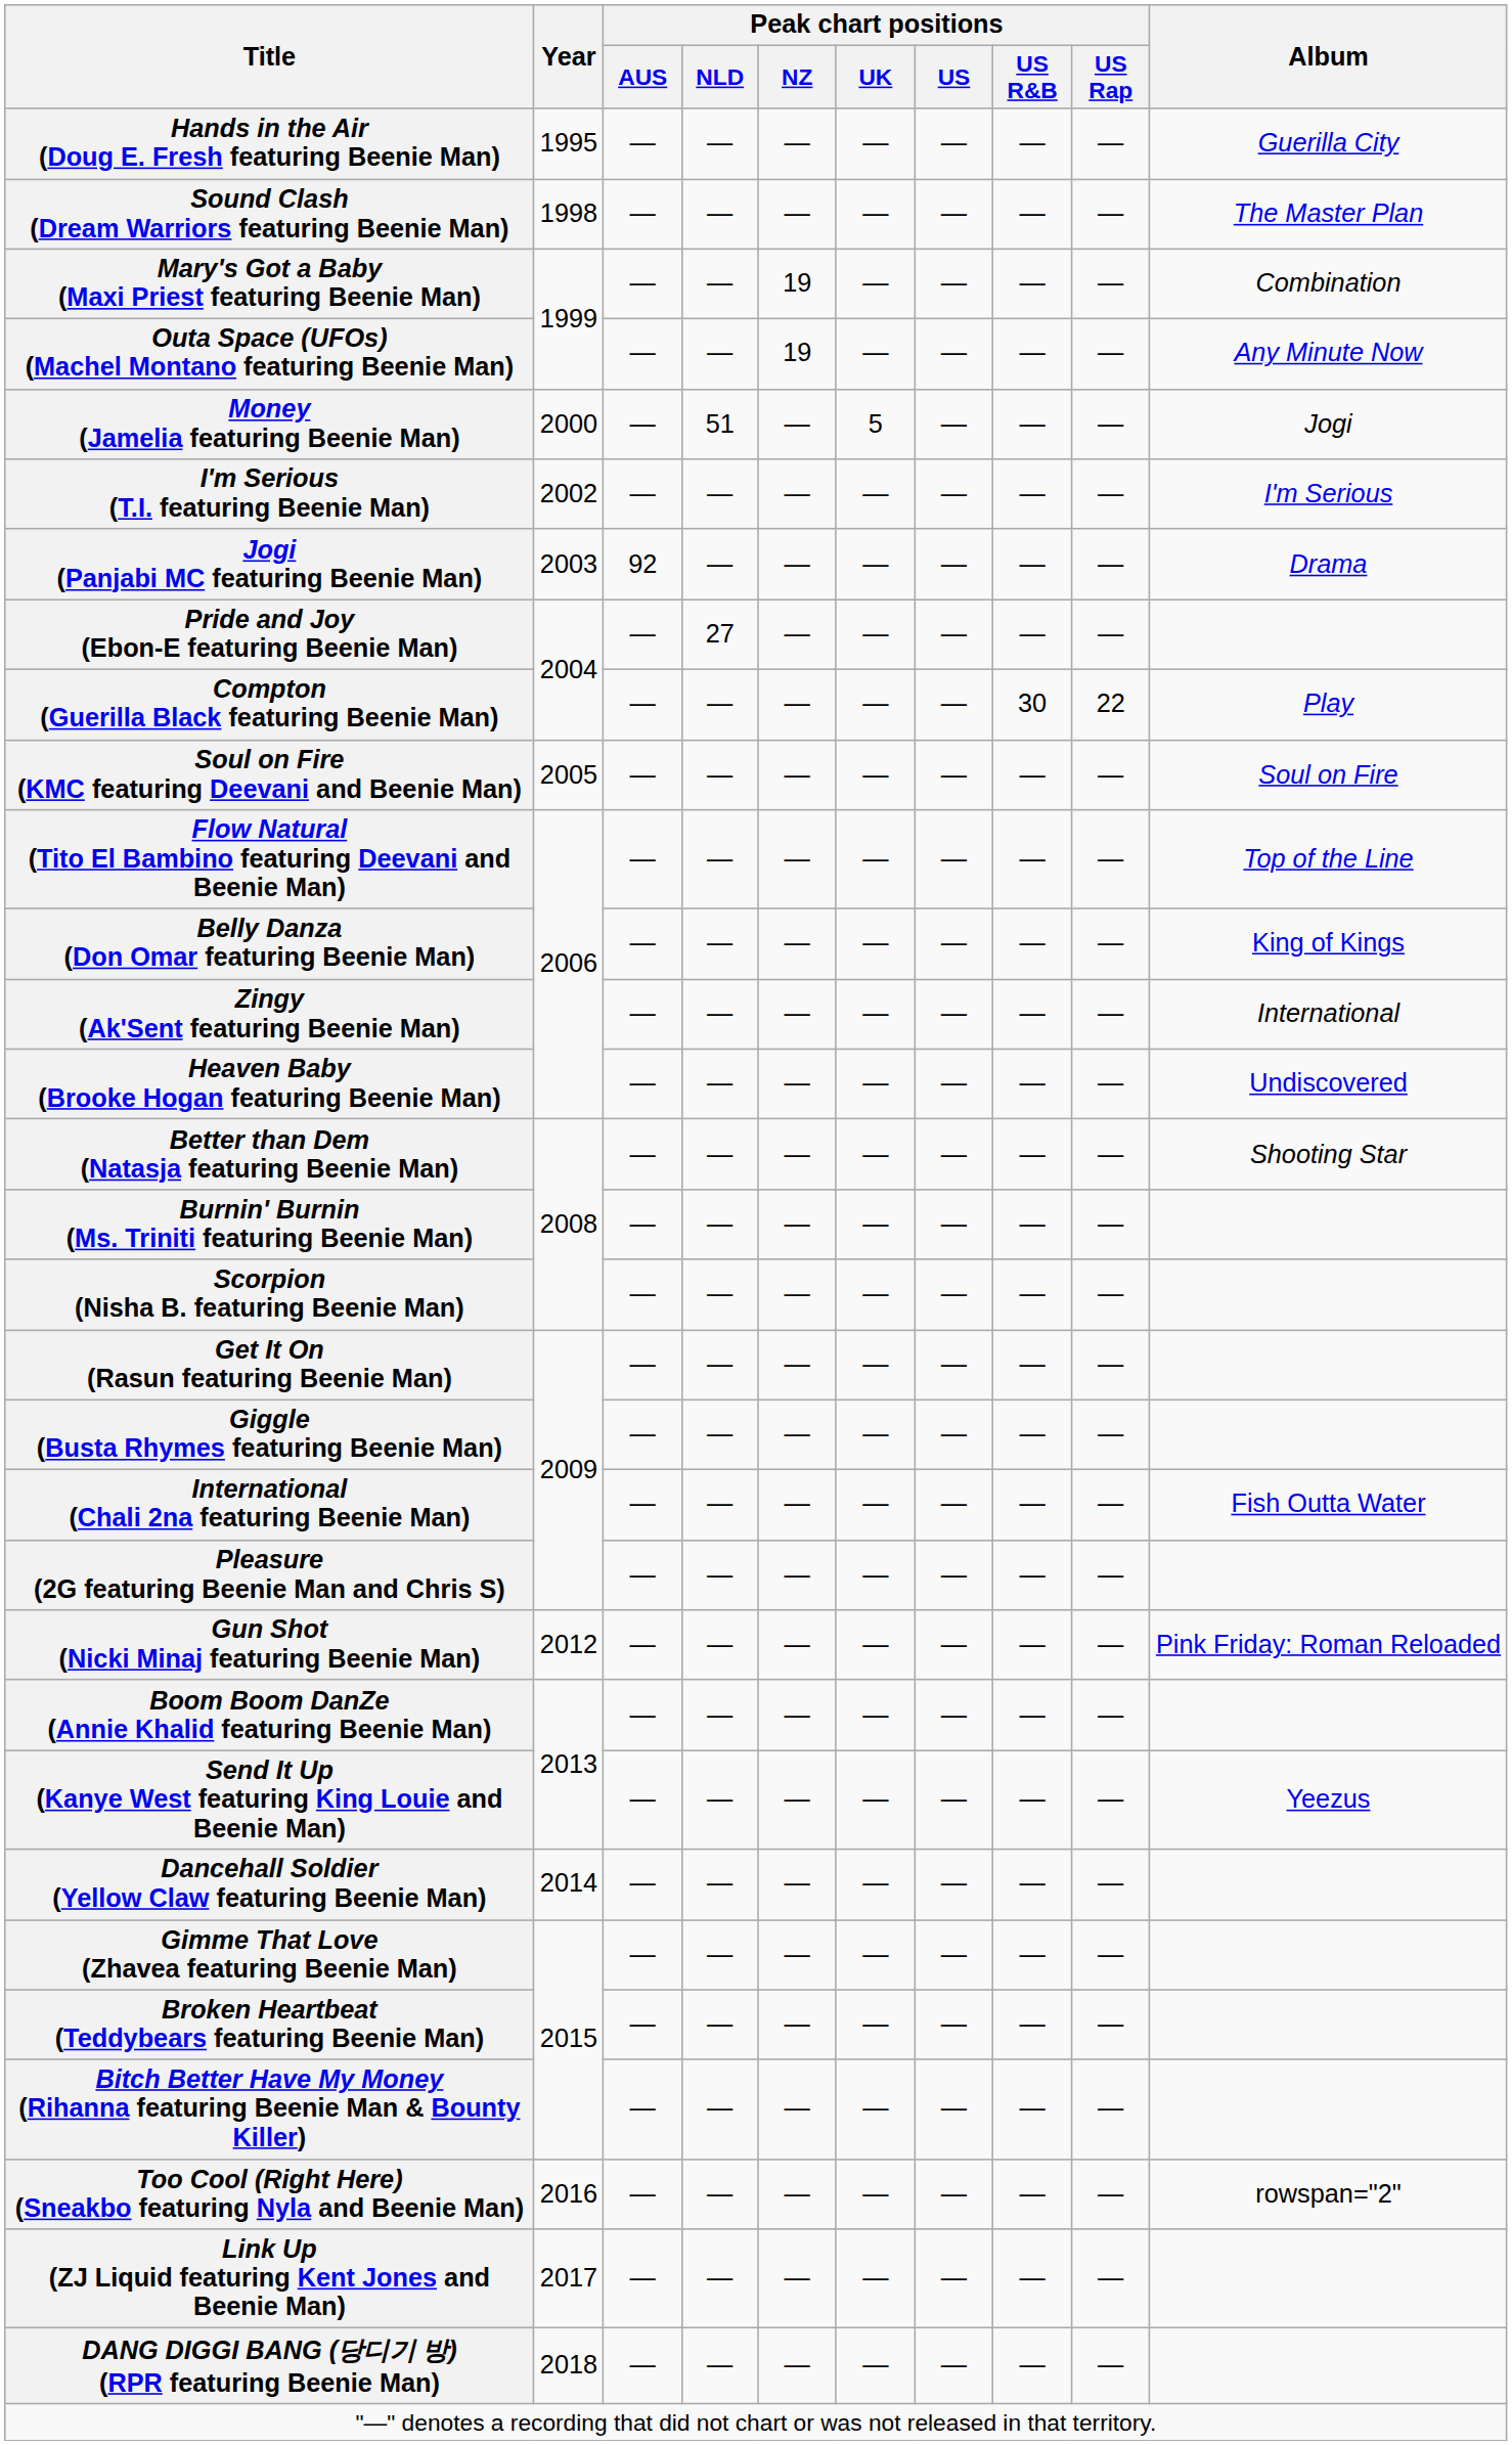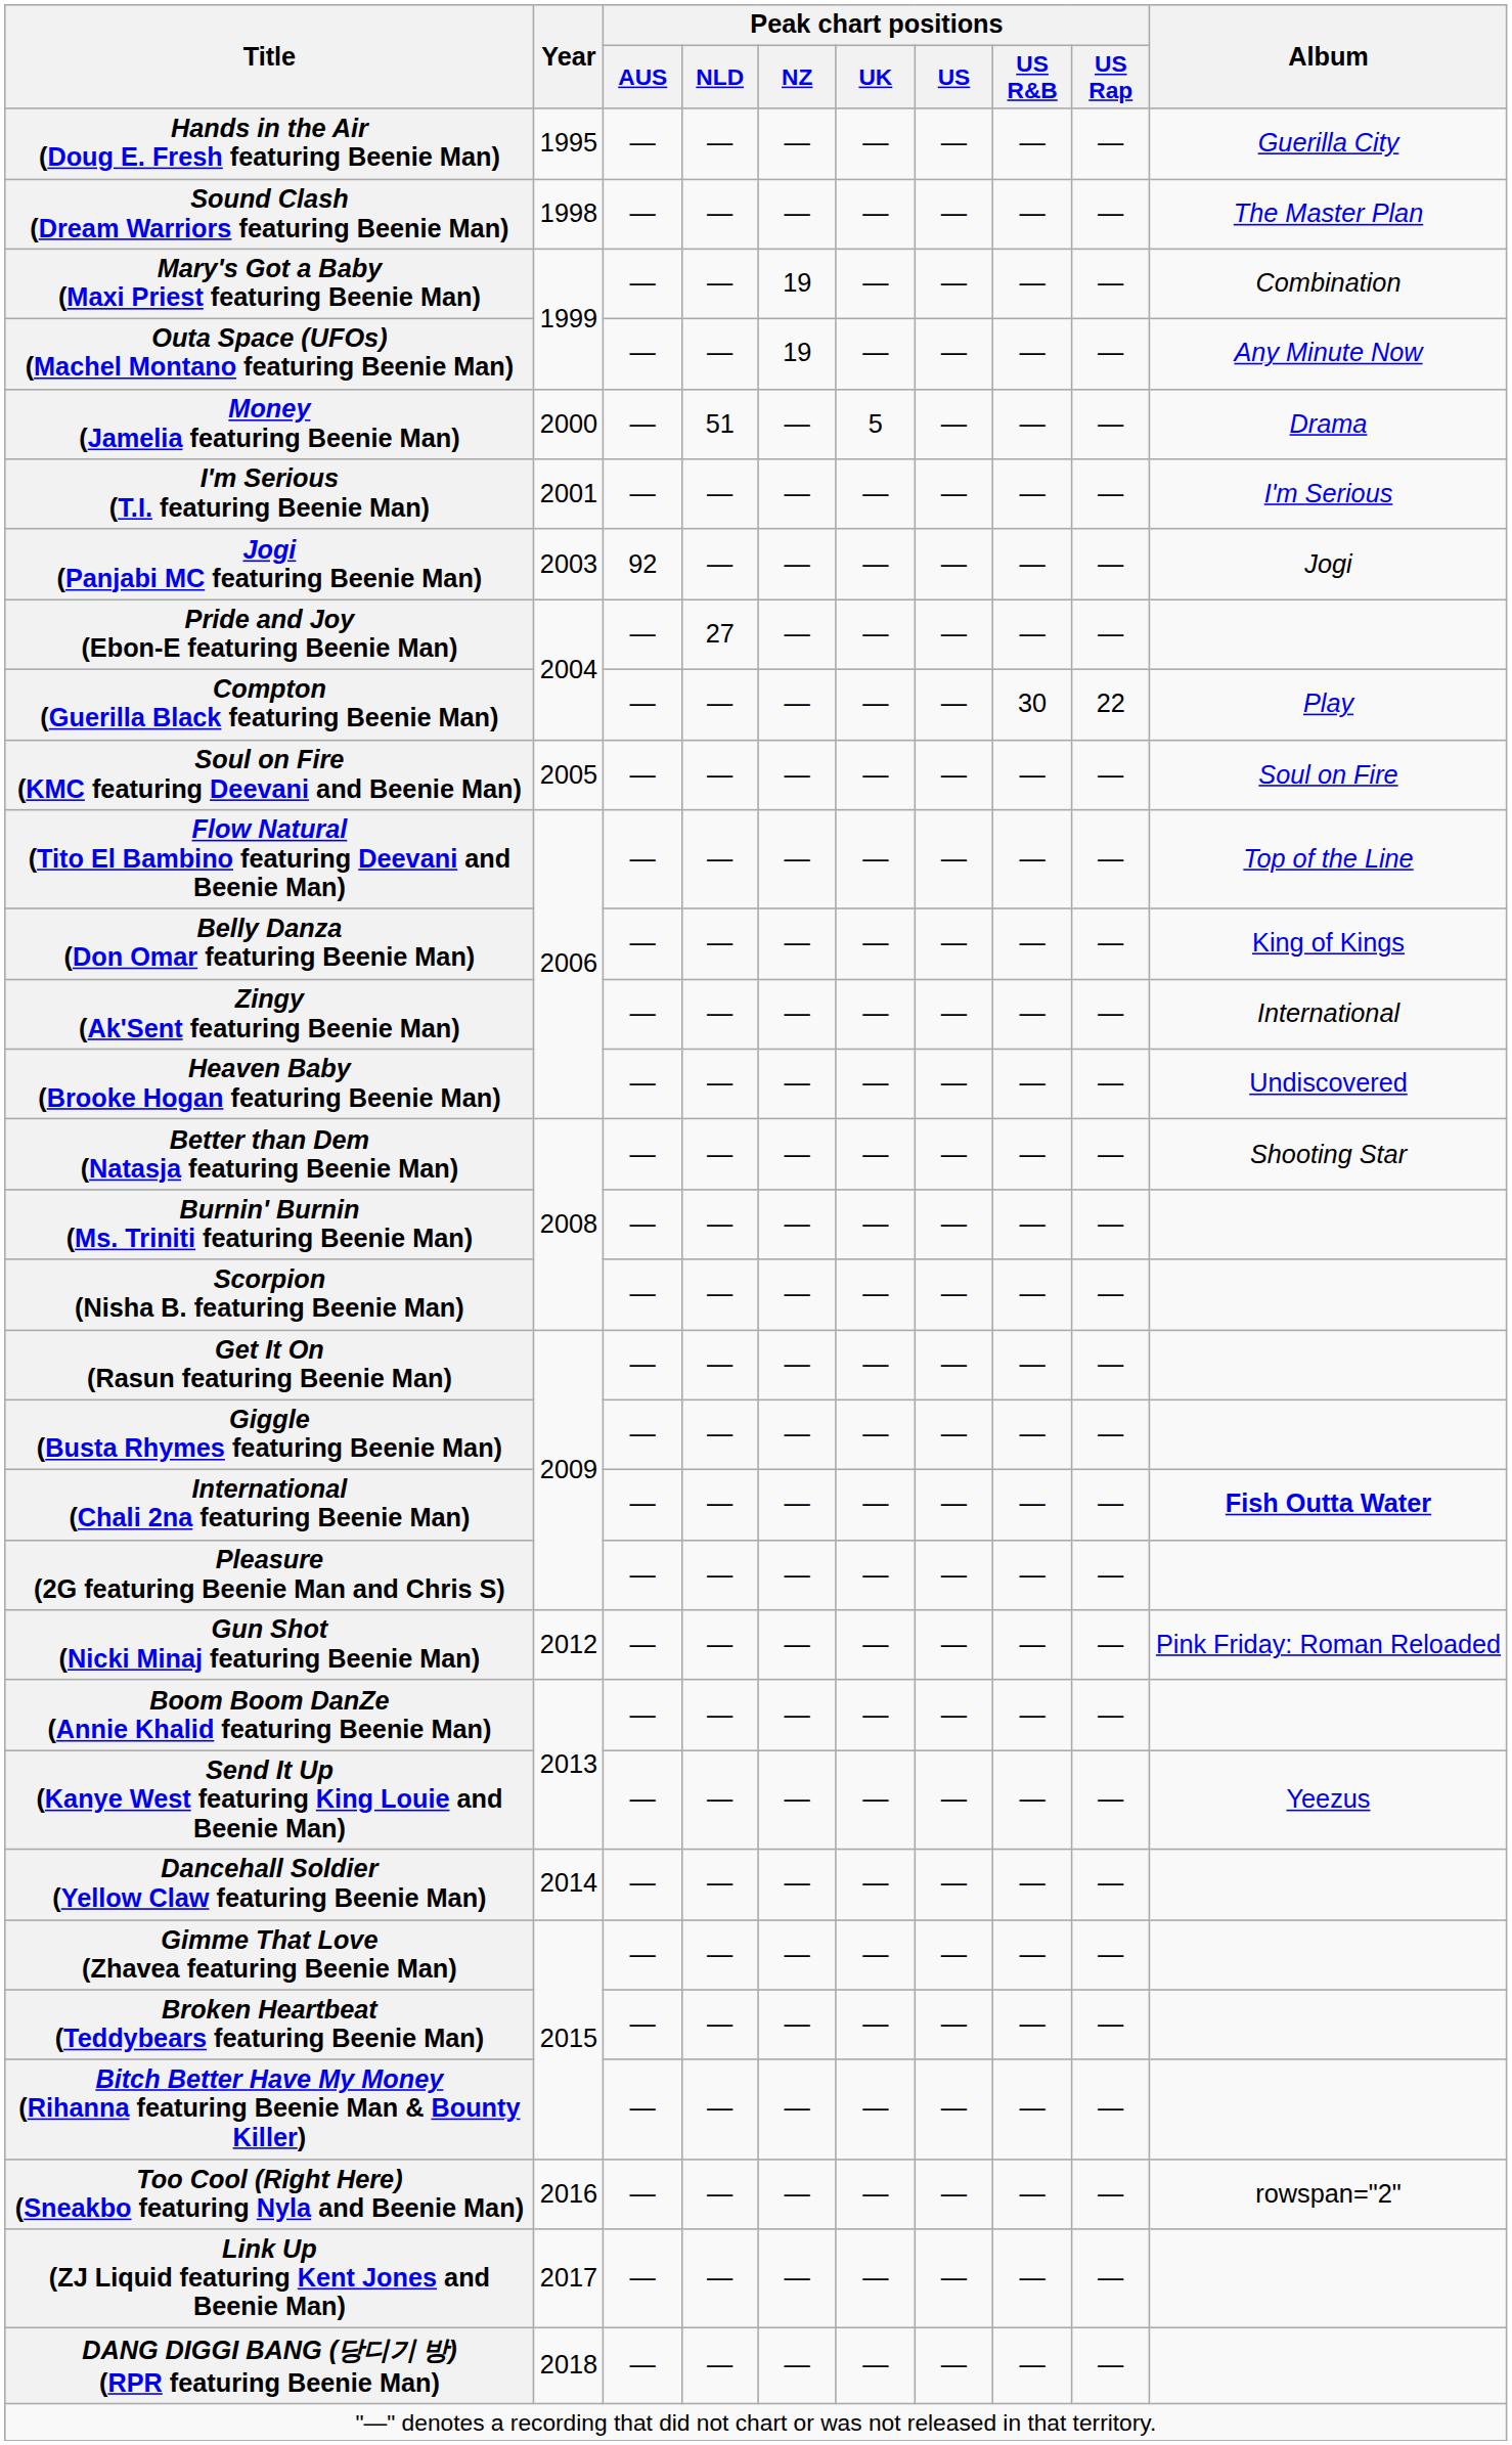 <table class="wikitable plainrowheaders" style="text-align:center;">
 <tr>
 <th scope="col" rowspan="2" style="width:20em;">Title</th>
 <th scope="col" rowspan="2">Year</th>
 <th scope="col" colspan="7">Peak chart positions</th>
 <th scope="col" rowspan="2">Album</th>
 </tr>
 <tr>
 <th scope="col" style="width:2.9em;font-size:90%;"><a href='#'>AUS</a><br></th>
 <th scope="col" style="width:2.8em;font-size:90%;"><a href='#'>NLD</a><br></th>
 <th scope="col" style="width:2.9em;font-size:90%;"><a href='#'>NZ</a><br></th>
 <th scope="col" style="width:2.9em;font-size:90%;"><a href='#'>UK</a><br></th>
 <th scope="col" style="width:2.9em;font-size:90%;"><a href='#'>US</a></th>
 <th scope="col" style="width:2.9em;font-size:90%;"><a href='#'>US<br>R&B</a><br></th>
 <th scope="col" style="width:2.9em;font-size:90%;"><a href='#'>US<br>Rap</a><br></th>
 </tr>
 <tr>
 <th scope="row"><em>Hands in the Air</em><br><span>(<a href='#'>Doug E. Fresh</a> featuring Beenie Man)</span></th>
 <td>1995</td>
 <td>—</td>
 <td>—</td>
 <td>—</td>
 <td>—</td>
 <td>—</td>
 <td>—</td>
 <td>—</td>
 <td><em><a href='#'>Guerilla City</a></em></td>
 </tr>
 <tr>
 <th scope="row"><em>Sound Clash</em><br><span>(<a href='#'>Dream Warriors</a> featuring Beenie Man)</span></th>
 <td>1998</td>
 <td>—</td>
 <td>—</td>
 <td>—</td>
 <td>—</td>
 <td>—</td>
 <td>—</td>
 <td>—</td>
 <td><em><a href='#'>The Master Plan</a></em></td>
 </tr>
 <tr>
 <th scope="row"><em>Mary's Got a Baby</em><br><span>(<a href='#'>Maxi Priest</a> featuring Beenie Man)</span></th>
 <td rowspan="2">1999</td>
 <td>—</td>
 <td>—</td>
 <td>19</td>
 <td>—</td>
 <td>—</td>
 <td>—</td>
 <td>—</td>
 <td><em>Combination</em></td>
 </tr>
 <tr>
 <th scope="row"><em>Outa Space (UFOs)</em><br><span>(<a href='#'>Machel Montano</a> featuring Beenie Man)</span></th>
 <td>—</td>
 <td>—</td>
 <td>19</td>
 <td>—</td>
 <td>—</td>
 <td>—</td>
 <td>—</td>
 <td><em><a href='#'>Any Minute Now</a></em></td>
 </tr>
 <tr>
 <th scope="row"><em><a href='#'>Money</a></em><br><span>(<a href='#'>Jamelia</a> featuring Beenie Man)</span></th>
 <td>2000</td>
 <td>—</td>
 <td>51</td>
 <td>—</td>
 <td>5</td>
 <td>—</td>
 <td>—</td>
 <td>—</td>
-<td><em>Jogi</em></td>
+<td><em><a href='#'>Drama</a></em></td>
 </tr>
 <tr>
 <th scope="row"><em>I'm Serious</em><br><span>(<a href='#'>T.I.</a> featuring Beenie Man)</span></th>
-<td>2002</td>
+<td>2001</td>
 <td>—</td>
 <td>—</td>
 <td>—</td>
 <td>—</td>
 <td>—</td>
 <td>—</td>
 <td>—</td>
 <td><em><a href='#'>I'm Serious</a></em></td>
 </tr>
 <tr>
 <th scope="row"><em><a href='#'>Jogi</a></em><br><span>(<a href='#'>Panjabi MC</a> featuring Beenie Man)</span></th>
 <td>2003</td>
 <td>92</td>
 <td>—</td>
 <td>—</td>
 <td>—</td>
 <td>—</td>
 <td>—</td>
 <td>—</td>
-<td><em><a href='#'>Drama</a></em></td>
+<td><em>Jogi</em></td>
 </tr>
 <tr>
 <th scope="row"><em>Pride and Joy</em><br><span>(Ebon-E featuring Beenie Man)</span></th>
 <td rowspan="2">2004</td>
 <td>—</td>
 <td>27</td>
 <td>—</td>
 <td>—</td>
 <td>—</td>
 <td>—</td>
 <td>—</td>
 <td></td>
 </tr>
 <tr>
 <th scope="row"><em>Compton</em><br><span>(<a href='#'>Guerilla Black</a> featuring Beenie Man)</span></th>
 <td>—</td>
 <td>—</td>
 <td>—</td>
 <td>—</td>
 <td>—</td>
 <td>30</td>
 <td>22</td>
 <td><em><a href='#'>Play</a></em></td>
 </tr>
 <tr>
 <th scope="row"><em>Soul on Fire</em><br><span>(<a href='#'>KMC</a> featuring <a href='#'>Deevani</a> and Beenie Man)</span></th>
 <td>2005</td>
 <td>—</td>
 <td>—</td>
 <td>—</td>
 <td>—</td>
 <td>—</td>
 <td>—</td>
 <td>—</td>
 <td><em><a href='#'>Soul on Fire</a></em></td>
 </tr>
 <tr>
 <th scope="row"><em><a href='#'>Flow Natural</a></em><br><span>(<a href='#'>Tito El Bambino</a> featuring <a href='#'>Deevani</a> and Beenie Man)</span></th>
 <td rowspan="4">2006</td>
 <td>—</td>
 <td>—</td>
 <td>—</td>
 <td>—</td>
 <td>—</td>
 <td>—</td>
 <td>—</td>
 <td><em><a href='#'>Top of the Line</a></em></td>
 </tr>
 <tr>
 <th scope="row"><em>Belly Danza</em><br><span>(<a href='#'>Don Omar</a> featuring Beenie Man)</span></th>
 <td>—</td>
 <td>—</td>
 <td>—</td>
 <td>—</td>
 <td>—</td>
 <td>—</td>
 <td>—</td>
 <td><a href='#'>King of Kings</a></td>
 </tr>
 <tr>
 <th scope="row"><em>Zingy</em><br><span>(<a href='#'>Ak'Sent</a> featuring Beenie Man)</span></th>
 <td>—</td>
 <td>—</td>
 <td>—</td>
 <td>—</td>
 <td>—</td>
 <td>—</td>
 <td>—</td>
 <td><em>International</em></td>
 </tr>
 <tr>
 <th scope="row"><em>Heaven Baby</em><br><span>(<a href='#'>Brooke Hogan</a> featuring Beenie Man)</span></th>
 <td>—</td>
 <td>—</td>
 <td>—</td>
 <td>—</td>
 <td>—</td>
 <td>—</td>
 <td>—</td>
 <td><a href='#'>Undiscovered</a></td>
 </tr>
 <tr>
 <th scope="row"><em>Better than Dem</em><br><span>(<a href='#'>Natasja</a> featuring Beenie Man)</span></th>
 <td rowspan="3">2008</td>
 <td>—</td>
 <td>—</td>
 <td>—</td>
 <td>—</td>
 <td>—</td>
 <td>—</td>
 <td>—</td>
 <td><em>Shooting Star</em></td>
 </tr>
 <tr>
 <th scope="row"><em>Burnin' Burnin</em><br><span>(<a href='#'>Ms. Triniti</a> featuring Beenie Man)</span></th>
 <td>—</td>
 <td>—</td>
 <td>—</td>
 <td>—</td>
 <td>—</td>
 <td>—</td>
 <td>—</td>
 <td></td>
 </tr>
 <tr>
 <th scope="row"><em>Scorpion</em><br><span>(Nisha B. featuring Beenie Man)</span></th>
 <td>—</td>
 <td>—</td>
 <td>—</td>
 <td>—</td>
 <td>—</td>
 <td>—</td>
 <td>—</td>
 <td></td>
 </tr>
 <tr>
 <th scope="row"><em>Get It On</em><br><span>(Rasun featuring Beenie Man)</span></th>
 <td rowspan="4">2009</td>
 <td>—</td>
 <td>—</td>
 <td>—</td>
 <td>—</td>
 <td>—</td>
 <td>—</td>
 <td>—</td>
 <td></td>
 </tr>
 <tr>
 <th scope="row"><em>Giggle</em><br><span>(<a href='#'>Busta Rhymes</a> featuring Beenie Man)</span></th>
 <td>—</td>
 <td>—</td>
 <td>—</td>
 <td>—</td>
 <td>—</td>
 <td>—</td>
 <td>—</td>
 <td></td>
 </tr>
 <tr>
 <th scope="row"><em>International</em><br><span>(<a href='#'>Chali 2na</a> featuring Beenie Man)</span></th>
 <td>—</td>
 <td>—</td>
 <td>—</td>
 <td>—</td>
 <td>—</td>
 <td>—</td>
 <td>—</td>
-<td><a href='#'>Fish Outta Water</a></td>
+<td><strong><a href='#'>Fish Outta Water</a></strong></td>
 </tr>
 <tr>
 <th scope="row"><em>Pleasure</em><br><span>(2G featuring Beenie Man and Chris S)</span></th>
 <td>—</td>
 <td>—</td>
 <td>—</td>
 <td>—</td>
 <td>—</td>
 <td>—</td>
 <td>—</td>
 <td></td>
 </tr>
 <tr>
 <th scope="row"><em>Gun Shot</em><br><span>(<a href='#'>Nicki Minaj</a> featuring Beenie Man)</span></th>
 <td>2012</td>
 <td>—</td>
 <td>—</td>
 <td>—</td>
 <td>—</td>
 <td>—</td>
 <td>—</td>
 <td>—</td>
 <td><a href='#'>Pink Friday: Roman Reloaded</a></td>
 </tr>
 <tr>
 <th scope="row"><em>Boom Boom DanZe</em><br><span>(<a href='#'>Annie Khalid</a> featuring Beenie Man)</span></th>
 <td rowspan="2">2013</td>
 <td>—</td>
 <td>—</td>
 <td>—</td>
 <td>—</td>
 <td>—</td>
 <td>—</td>
 <td>—</td>
 <td></td>
 </tr>
 <tr>
 <th scope="row"><em>Send It Up</em><br><span>(<a href='#'>Kanye West</a> featuring <a href='#'>King Louie</a> and Beenie Man)</span></th>
 <td>—</td>
 <td>—</td>
 <td>—</td>
 <td>—</td>
 <td>—</td>
 <td>—</td>
 <td>—</td>
 <td><a href='#'>Yeezus</a></td>
 </tr>
 <tr>
 <th scope="row"><em>Dancehall Soldier</em><br><span>(<a href='#'>Yellow Claw</a> featuring Beenie Man)</span></th>
 <td>2014</td>
 <td>—</td>
 <td>—</td>
 <td>—</td>
 <td>—</td>
 <td>—</td>
 <td>—</td>
 <td>—</td>
 <td></td>
 </tr>
 <tr>
 <th scope="row"><em>Gimme That Love</em><br><span>(Zhavea featuring Beenie Man)</span></th>
 <td rowspan="3">2015</td>
 <td>—</td>
 <td>—</td>
 <td>—</td>
 <td>—</td>
 <td>—</td>
 <td>—</td>
 <td>—</td>
 <td></td>
 </tr>
 <tr>
 <th scope="row"><em>Broken Heartbeat</em><br><span>(<a href='#'>Teddybears</a> featuring Beenie Man)</span></th>
 <td>—</td>
 <td>—</td>
 <td>—</td>
 <td>—</td>
 <td>—</td>
 <td>—</td>
 <td>—</td>
 <td></td>
 </tr>
 <tr>
 <th scope="row"><em><a href='#'>Bitch Better Have My Money</a></em><br><span>(<a href='#'>Rihanna</a> featuring Beenie Man & <a href='#'>Bounty Killer</a>)</span></th>
 <td>—</td>
 <td>—</td>
 <td>—</td>
 <td>—</td>
 <td>—</td>
 <td>—</td>
 <td>—</td>
 <td></td>
 </tr>
 <tr>
 <th scope="row"><em>Too Cool (Right Here)</em><br><span>(<a href='#'>Sneakbo</a> featuring <a href='#'>Nyla</a> and Beenie Man)</span></th>
 <td>2016</td>
 <td>—</td>
 <td>—</td>
 <td>—</td>
 <td>—</td>
 <td>—</td>
 <td>—</td>
 <td>—</td>
 <td>rowspan="2" </td>
 </tr>
 <tr>
 <th scope="row"><em>Link Up</em><br><span>(ZJ Liquid featuring <a href='#'>Kent Jones</a> and Beenie Man)</span></th>
 <td>2017</td>
 <td>—</td>
 <td>—</td>
 <td>—</td>
 <td>—</td>
 <td>—</td>
 <td>—</td>
 <td>—</td>
 </tr>
 <tr>
 <th scope="row"><em>DANG DIGGI BANG (당디기 방)</em><br><span>(<a href='#'>RPR</a> featuring Beenie Man)</span></th>
 <td>2018</td>
 <td>—</td>
 <td>—</td>
 <td>—</td>
 <td>—</td>
 <td>—</td>
 <td>—</td>
 <td>—</td>
 <td></td>
 </tr>
 <tr>
 <td colspan="14" style="font-size:90%">"—" denotes a recording that did not chart or was not released in that territory.</td>
 </tr>
 </table>
